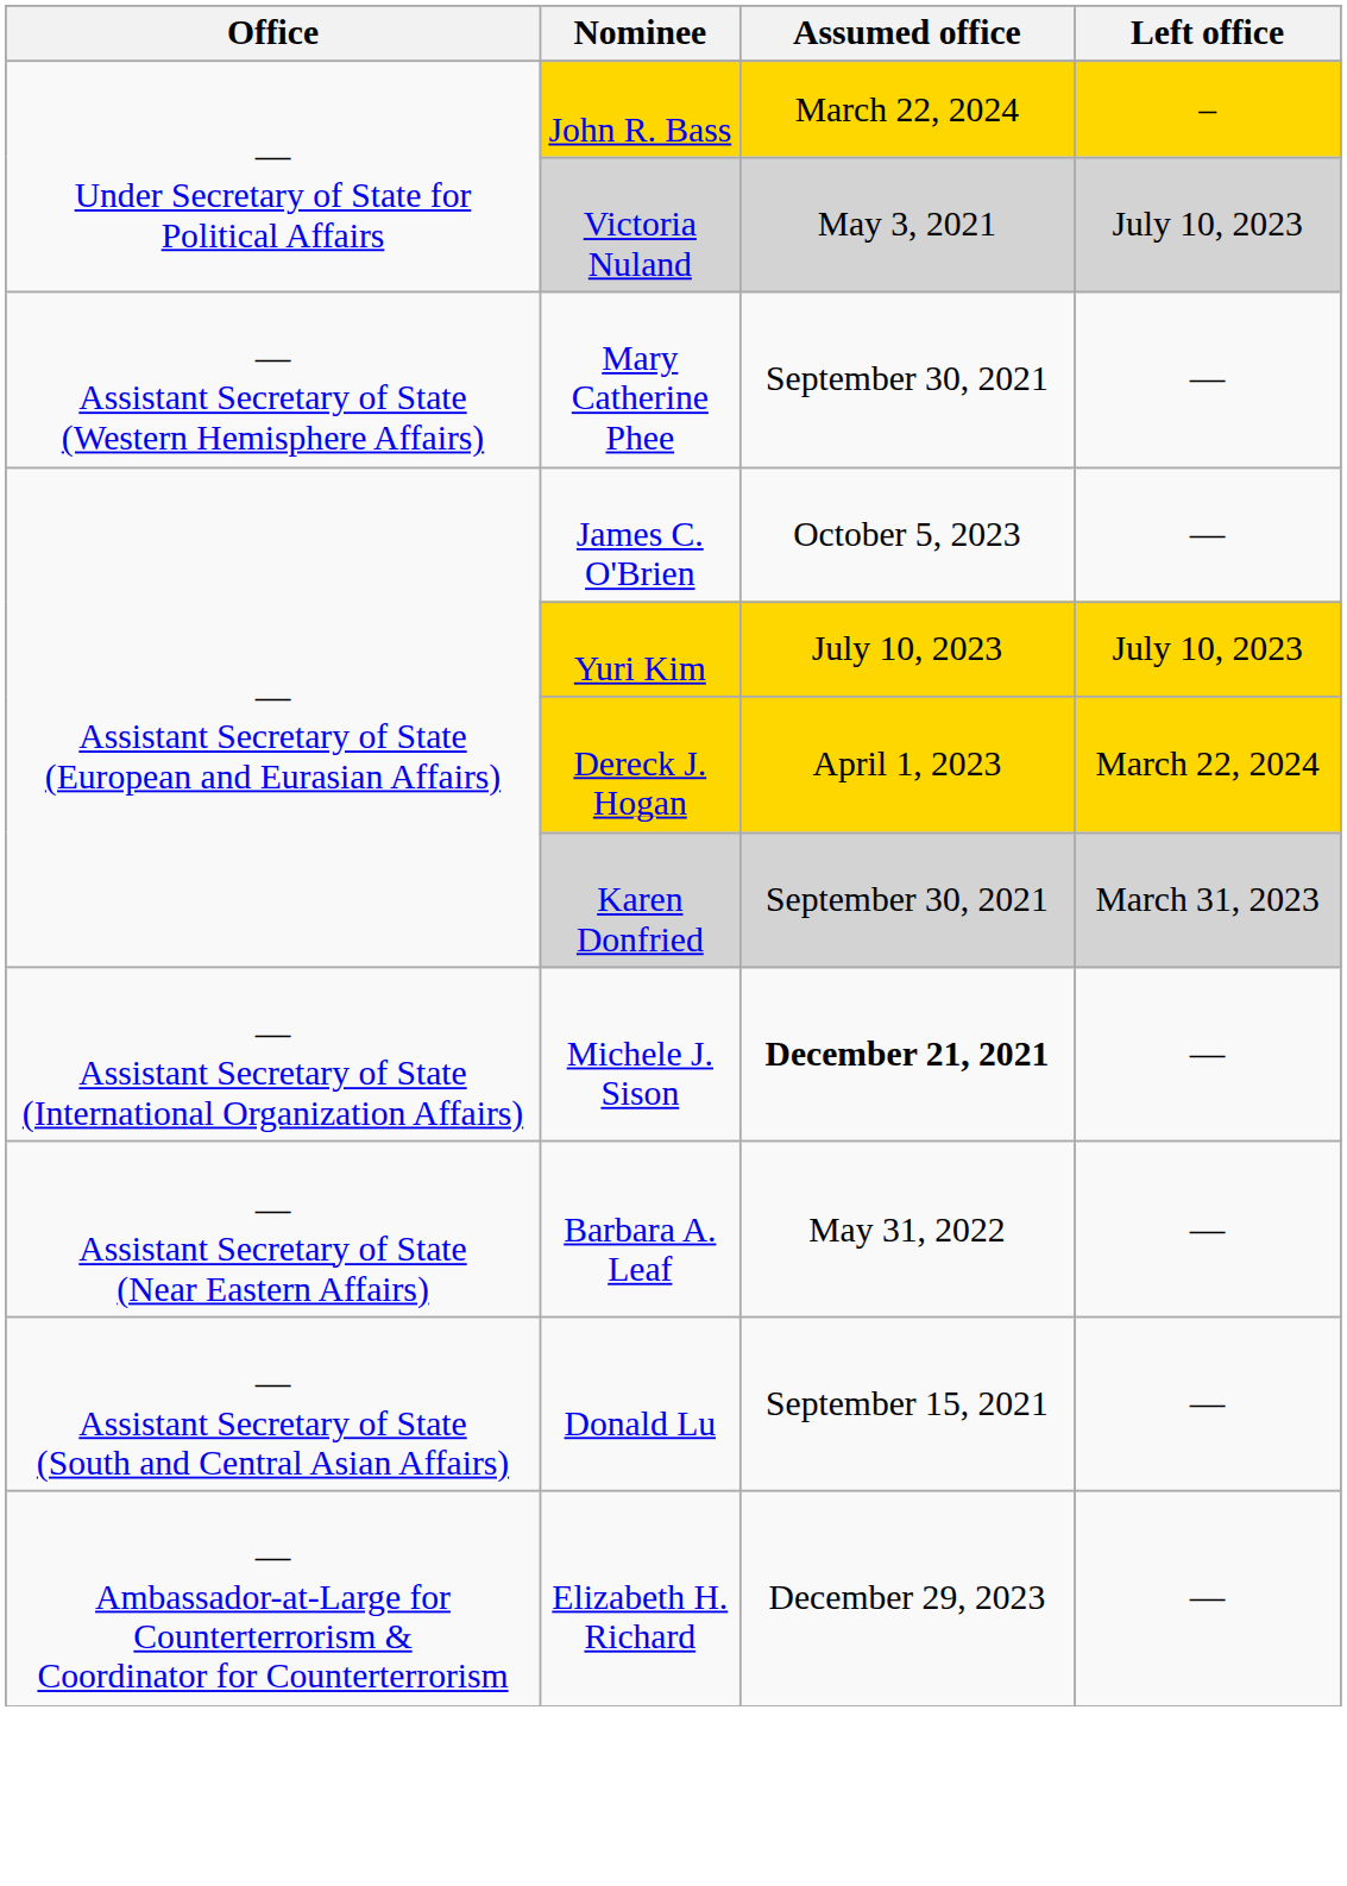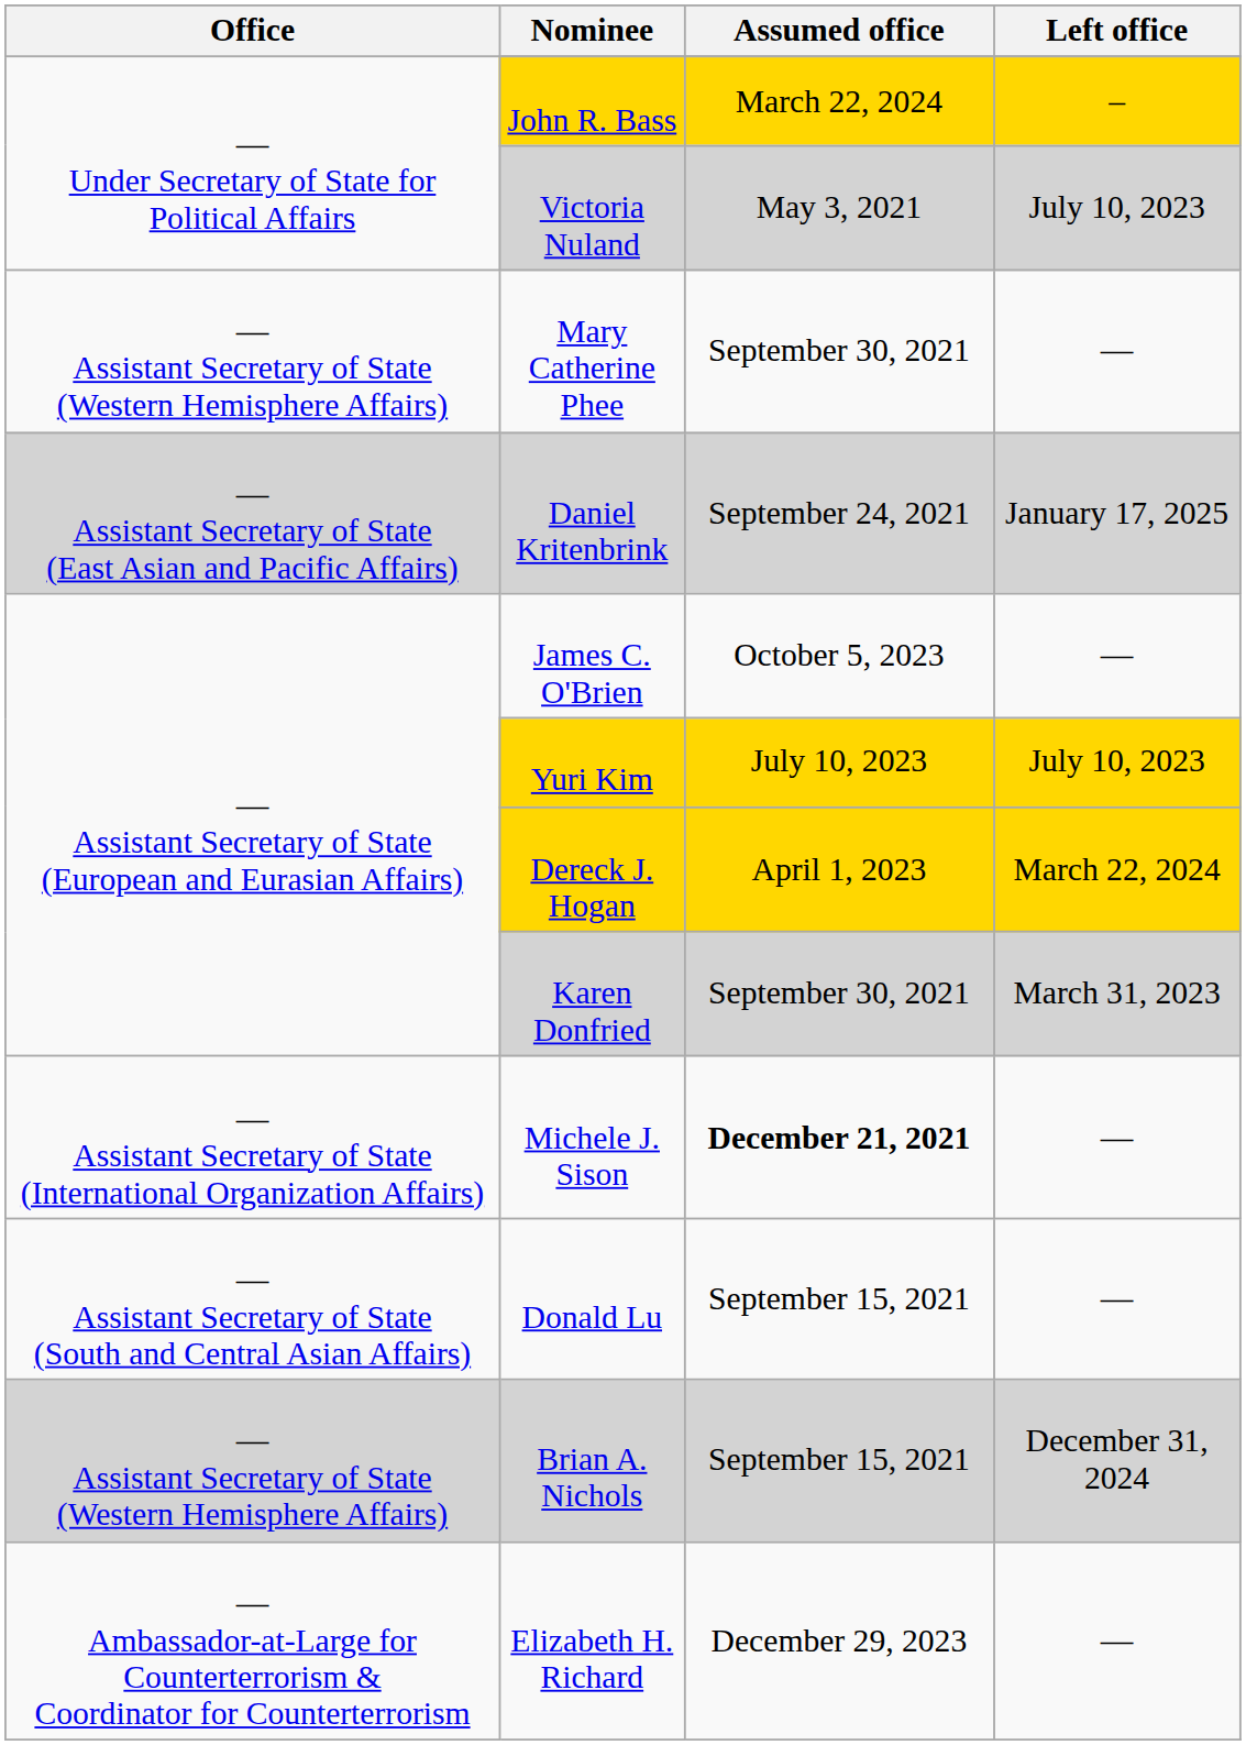 <table class="wikitable sortable" style="text-align:center">
 <tr>
 <th style="width:40%;">Office</th>
 <th style="width:15%;">Nominee</th>
 <th style="width:25%;" data-sort-type="date">Assumed office</th>
 <th style="width:20%;" data-sort-type="date">Left office</th>
 </tr>
 <tr>
 <td rowspan=3><br>—<br><a href='#'>Under Secretary of State for Political Affairs</a></td>
 </tr>
 <tr style="background:gold;">
 <td><br><a href='#'>John R. Bass</a></td>
 <td>March 22, 2024</td>
 <td>–</td>
 </tr>
 <tr style="background:lightgray">
 <td><br><a href='#'>Victoria Nuland</a></td>
 <td>May 3, 2021<br></td>
 <td>July 10, 2023</td>
 </tr>
 <tr>
 <td><br>—<br><a href='#'>Assistant Secretary of State<br>(Western Hemisphere Affairs)</a></td>
 <td><br><a href='#'>Mary Catherine Phee</a></td>
 <td>September 30, 2021<br></td>
 <td>—</td>
+</tr>
+<tr style="background:lightgray">
+<td><br>—<br><a href='#'>Assistant Secretary of State<br>(East Asian and Pacific Affairs)</a></td>
+<td><br><a href='#'>Daniel Kritenbrink</a></td>
+<td>September 24, 2021<br></td>
+<td>January 17, 2025</td>
 </tr>
 <tr>
 <td rowspan=4><br>—<br><a href='#'>Assistant Secretary of State<br>(European and Eurasian Affairs)</a></td>
 <td><br><a href='#'>James C. O'Brien</a></td>
 <td>October 5, 2023<br></td>
 <td>—</td>
 </tr>
 <tr style="background:gold;">
 <td><br><a href='#'>Yuri Kim</a></td>
 <td>July 10, 2023</td>
 <td>July 10, 2023</td>
 </tr>
 <tr style="background:gold;">
 <td><br><a href='#'>Dereck J. Hogan</a></td>
 <td>April 1, 2023</td>
 <td>March 22, 2024</td>
 </tr>
 <tr style="background:lightgray;">
 <td><br><a href='#'>Karen Donfried</a></td>
 <td>September 30, 2021<br></td>
 <td>March 31, 2023</td>
 </tr>
 <tr>
 <td><br>—<br><a href='#'>Assistant Secretary of State<br>(International Organization Affairs)</a></td>
 <td><br><a href='#'>Michele J. Sison</a></td>
 <td><strong>December 21, 2021<br></strong></td>
 <td>—</td>
 </tr>
 <tr>
-<td><br>—<br><a href='#'>Assistant Secretary of State<br>(Near Eastern Affairs)</a></td>
-<td><br><a href='#'>Barbara A. Leaf</a></td>
-<td>May 31, 2022<br></td>
-<td>—</td>
-</tr>
-<tr>
 <td><br>—<br><a href='#'>Assistant Secretary of State<br>(South and Central Asian Affairs)</a></td>
 <td><br><a href='#'>Donald Lu</a></td>
 <td>September 15, 2021<br></td>
 <td>—</td>
+</tr>
+<tr style="background:lightgray">
+<td><br>—<br><a href='#'>Assistant Secretary of State<br>(Western Hemisphere Affairs)</a></td>
+<td><br><a href='#'>Brian A. Nichols</a></td>
+<td>September 15, 2021<br></td>
+<td>December 31, 2024</td>
 </tr>
 <tr>
 <td><br>—<br><a href='#'>Ambassador-at-Large for Counterterrorism &<br>Coordinator for Counterterrorism</a></td>
 <td><br><a href='#'>Elizabeth H. Richard</a></td>
 <td>December 29, 2023<br></td>
 <td>—</td>
 </tr>
 </table>
